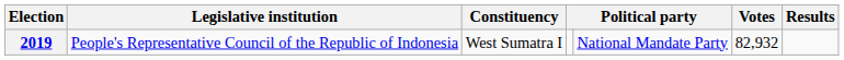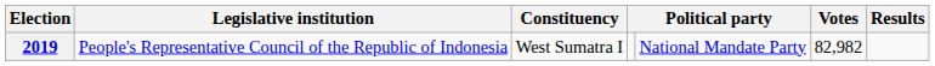 <table class="wikitable">
 <tr>
 <th>Election</th>
 <th><strong>Legislative institution</strong></th>
 <th>Constituency</th>
 <th colspan="2">Political party</th>
 <th>Votes</th>
 <th>Results</th>
 </tr>
 <tr>
 <th><strong><a href='#'>2019</a></strong></th>
 <td rowspan="3"><a href='#'>People's Representative Council of the Republic of Indonesia</a></td>
 <td rowspan="3">West Sumatra I</td>
 <td style="background:"></td>
 <td rowspan="3"><a href='#'>National Mandate Party</a></td>
-<td>82,932</td>
+<td>82,982</td>
 <td></td>
 </tr>
 </table>
